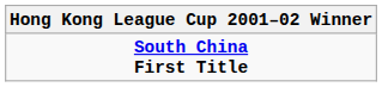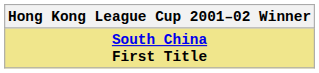 <table class="wikitable" style="text-align: center; margin: 0 auto;">
 <tr>
 <th>Hong Kong League Cup 2001–02 Winner</th>
 </tr>
 <tr>
-<td><strong><a href='#'>South China</a></strong><br><strong>First Title</strong></td>
+<td style="background: khaki;"><strong><a href='#'>South China</a></strong><br><strong>First Title</strong></td>
 </tr>
 </table>
